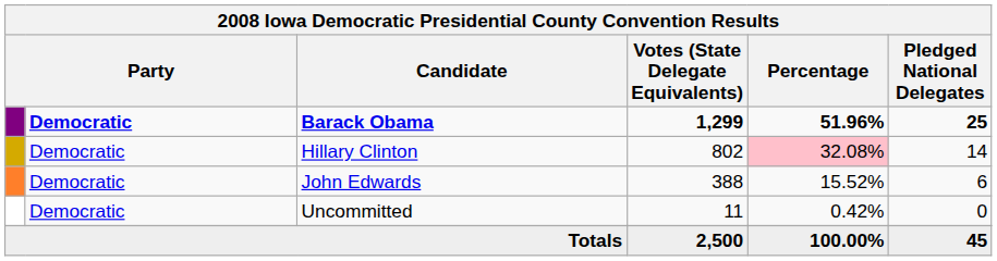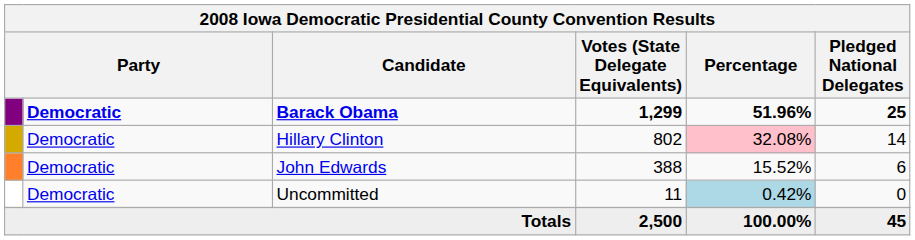 <table class="wikitable" style="font-size:95%;">
 <tr>
 <th colspan="7">2008 Iowa Democratic Presidential County Convention Results</th>
 </tr>
 <tr>
 <th colspan="2" style="width: 15em">Party</th>
 <th style="width: 17em">Candidate</th>
 <th style="width: 5em">Votes (State Delegate Equivalents)</th>
 <th style="width: 7em">Percentage</th>
 <th style="width: 5em">Pledged National Delegates<br></th>
 </tr>
 <tr>
 <th style="background-color:#800080; width: 3px"></th>
 <td style="width: 130px"><strong><a href='#'>Democratic</a></strong></td>
 <td><strong><a href='#'>Barack Obama</a></strong></td>
 <td align="right"><strong>1,299</strong></td>
 <td align="right"><strong>51.96%</strong></td>
 <td align="right"><strong>25</strong></td>
 </tr>
 <tr>
 <th style="background-color:#d4aa00; width: 3px"></th>
 <td style="width: 130px"><a href='#'>Democratic</a></td>
 <td><a href='#'>Hillary Clinton</a></td>
 <td align="right">802</td>
 <td align="right" style="background: pink;">32.08%</td>
 <td align="right">14</td>
 </tr>
 <tr>
 <th style="background-color:#ff7f2a; width: 3px"></th>
 <td style="width: 130px"><a href='#'>Democratic</a></td>
 <td><a href='#'>John Edwards</a></td>
 <td align="right">388</td>
 <td align="right">15.52%</td>
 <td align="right">6</td>
 </tr>
 <tr>
 <th style="background-color:#ffffff; width: 3px"></th>
 <td style="width: 130px"><a href='#'>Democratic</a></td>
 <td>Uncommitted</td>
 <td align="right">11</td>
-<td align="right">0.42%</td>
+<td align="right" style="background: lightblue;">0.42%</td>
 <td align="right">0</td>
 </tr>
 <tr>
 </tr>
 <tr bgcolor="#EEEEEE">
 <td colspan="3" align="right"><strong>Totals</strong></td>
 <td align="right"><strong>2,500</strong></td>
 <td align="right"><strong>100.00%</strong></td>
 <td align="right"><strong>45</strong></td>
 </tr>
 </table>
